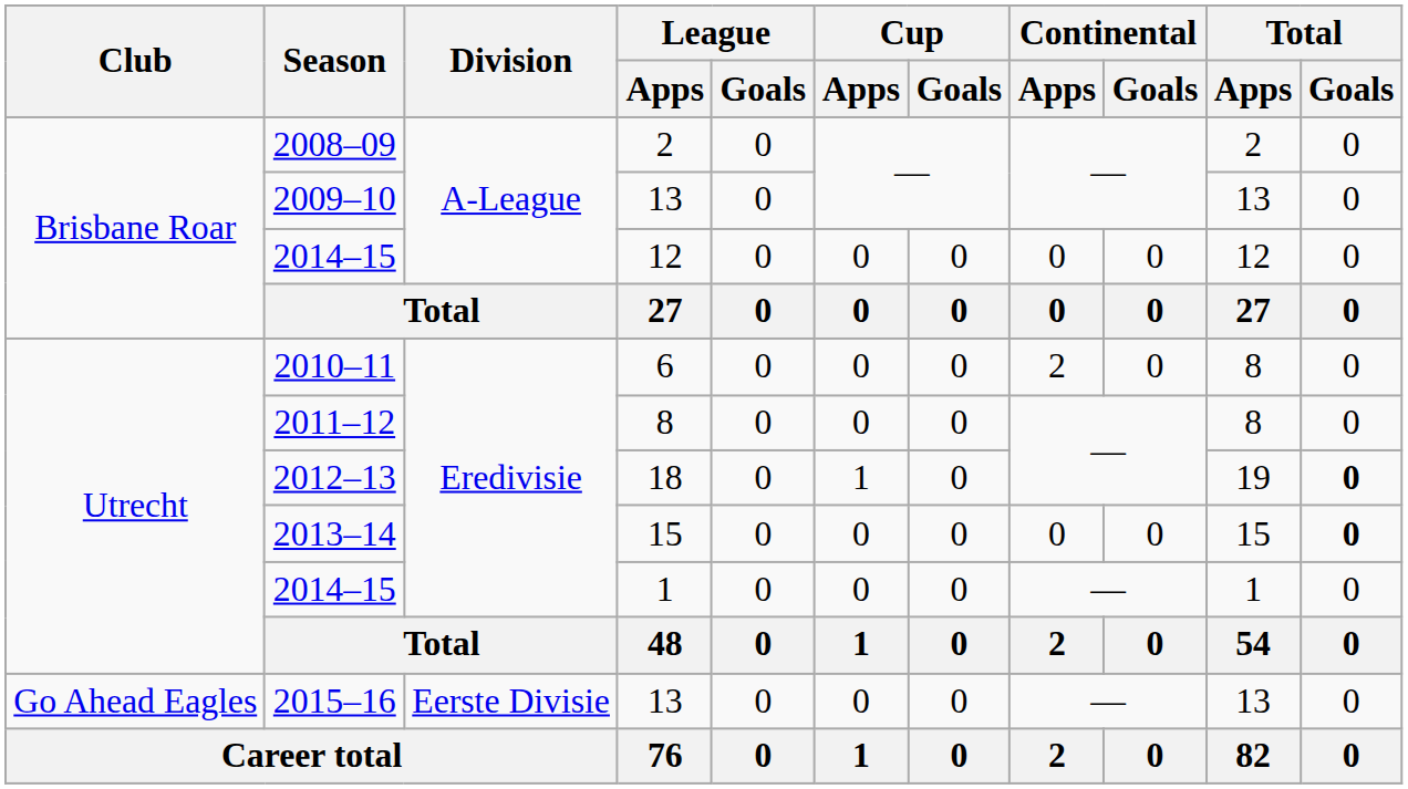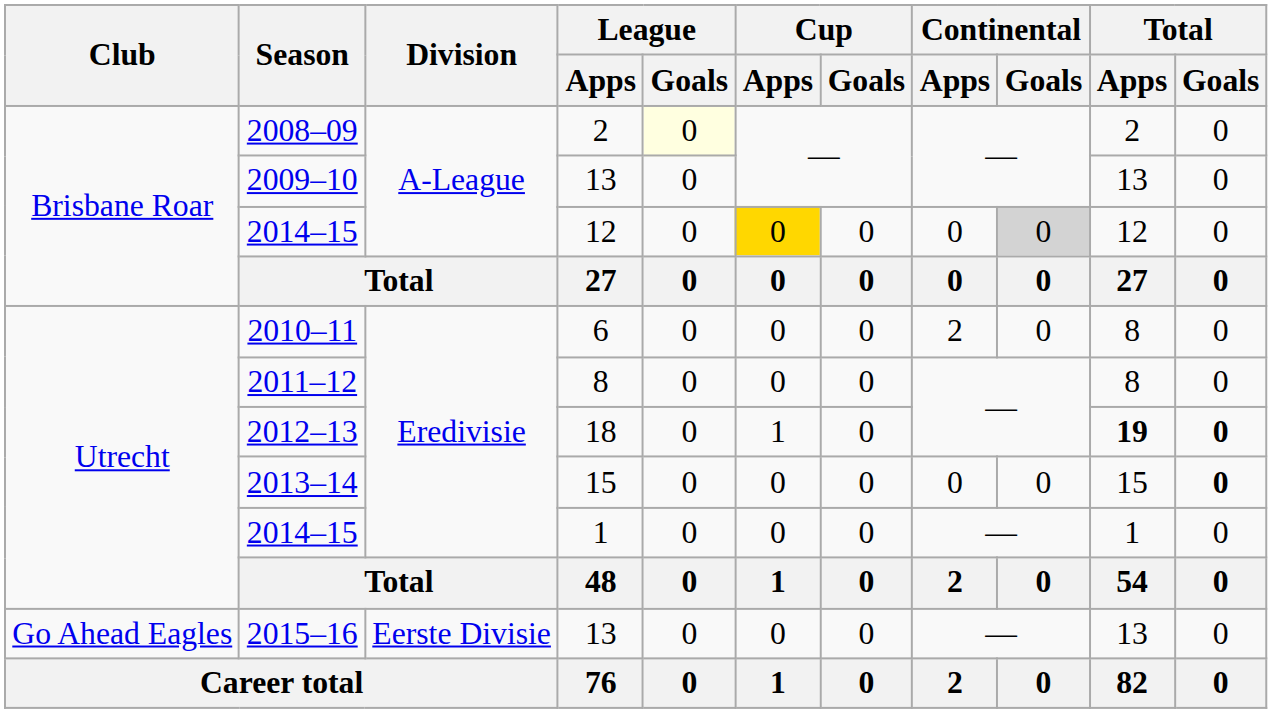 <table class="wikitable" border="1" style="font-size:100%; text-align: center;">
 <tr>
 <th rowspan="2">Club</th>
 <th rowspan="2">Season</th>
 <th rowspan="2">Division</th>
 <th colspan="2">League</th>
 <th colspan="2">Cup</th>
 <th colspan="2">Continental</th>
 <th colspan="2">Total</th>
 </tr>
 <tr>
 <th>Apps</th>
 <th>Goals</th>
 <th>Apps</th>
 <th>Goals</th>
 <th>Apps</th>
 <th>Goals</th>
 <th>Apps</th>
 <th>Goals</th>
 </tr>
 <tr>
 <td rowspan="4"><a href='#'>Brisbane Roar</a></td>
 <td><a href='#'>2008–09</a></td>
 <td rowspan="3"><a href='#'>A-League</a></td>
 <td>2</td>
-<td>0</td>
+<td style="background: lightyellow;">0</td>
 <td rowspan="2" colspan="2">—</td>
 <td colspan="2" rowspan="2">—</td>
 <td>2</td>
 <td>0</td>
 </tr>
 <tr>
 <td><a href='#'>2009–10</a></td>
 <td>13</td>
 <td>0</td>
 <td>13</td>
 <td>0</td>
 </tr>
 <tr>
 <td><a href='#'>2014–15</a></td>
 <td>12</td>
 <td>0</td>
+<td style="background: gold;">0</td>
 <td>0</td>
 <td>0</td>
-<td>0</td>
-<td>0</td>
+<td style="background: lightgrey;">0</td>
 <td>12</td>
 <td>0</td>
 </tr>
 <tr>
 <th colspan="2">Total</th>
 <th>27</th>
 <th>0</th>
 <th>0</th>
 <th>0</th>
 <th>0</th>
 <th>0</th>
 <th>27</th>
 <th>0</th>
 </tr>
 <tr>
 <td rowspan="6"><a href='#'>Utrecht</a></td>
 <td><a href='#'>2010–11</a></td>
 <td rowspan="5"><a href='#'>Eredivisie</a></td>
 <td>6</td>
 <td>0</td>
 <td>0</td>
 <td>0</td>
 <td>2</td>
 <td>0</td>
 <td>8</td>
 <td>0</td>
 </tr>
 <tr>
 <td><a href='#'>2011–12</a></td>
 <td>8</td>
 <td>0</td>
 <td>0</td>
 <td>0</td>
 <td colspan="2" rowspan="2">—</td>
 <td>8</td>
 <td>0</td>
 </tr>
 <tr>
 <td><a href='#'>2012–13</a></td>
 <td>18</td>
 <td>0</td>
 <td>1</td>
 <td>0</td>
-<td>19</td>
+<td><strong>19</strong></td>
 <td><strong>0</strong></td>
 </tr>
 <tr>
 <td><a href='#'>2013–14</a></td>
 <td>15</td>
 <td>0</td>
 <td>0</td>
 <td>0</td>
 <td>0</td>
 <td>0</td>
 <td>15</td>
 <td><strong>0</strong></td>
 </tr>
 <tr>
 <td><a href='#'>2014–15</a></td>
 <td>1</td>
 <td>0</td>
 <td>0</td>
 <td>0</td>
 <td colspan="2">—</td>
 <td>1</td>
 <td>0</td>
 </tr>
 <tr>
 <th colspan="2">Total</th>
 <th>48</th>
 <th>0</th>
 <th>1</th>
 <th>0</th>
 <th>2</th>
 <th>0</th>
 <th>54</th>
 <th>0</th>
 </tr>
 <tr>
 <td><a href='#'>Go Ahead Eagles</a></td>
 <td><a href='#'>2015–16</a></td>
 <td><a href='#'>Eerste Divisie</a></td>
 <td>13</td>
 <td>0</td>
 <td>0</td>
 <td>0</td>
 <td colspan="2">—</td>
 <td>13</td>
 <td>0</td>
 </tr>
 <tr>
 <th colspan="3">Career total</th>
 <th>76</th>
 <th>0</th>
 <th>1</th>
 <th>0</th>
 <th>2</th>
 <th>0</th>
 <th>82</th>
 <th>0</th>
 </tr>
 </table>
